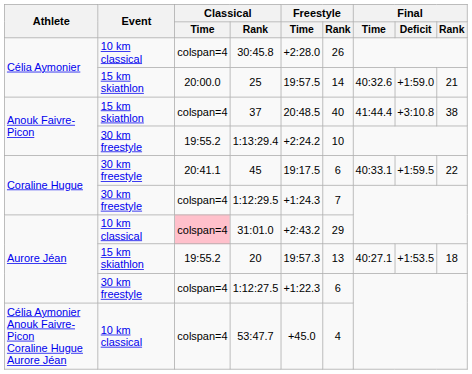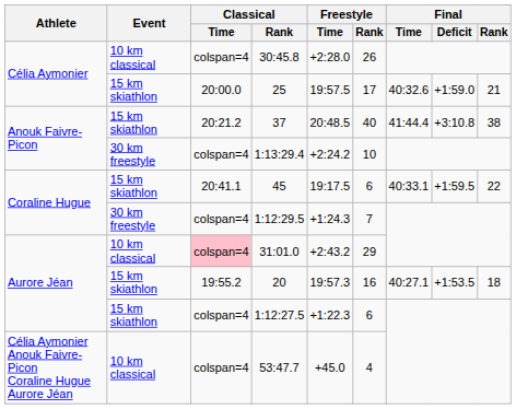 <table class="wikitable" style="font-size:90%">
 <tr>
 <th rowspan=2>Athlete</th>
 <th rowspan=2>Event</th>
 <th colspan=2>Classical</th>
 <th colspan=2>Freestyle</th>
 <th colspan=3>Final</th>
 </tr>
 <tr style="font-size: 95%">
 <th>Time</th>
 <th>Rank</th>
 <th>Time</th>
 <th>Rank</th>
 <th>Time</th>
 <th>Deficit</th>
 <th>Rank</th>
 </tr>
 <tr align=center>
 <td align=left rowspan=2><a href='#'>Célia Aymonier</a></td>
 <td align=left><a href='#'>10 km classical</a></td>
 <td>colspan=4 </td>
 <td>30:45.8</td>
 <td>+2:28.0</td>
 <td>26</td>
 </tr>
 <tr align=center>
 <td align=left><a href='#'>15 km skiathlon</a></td>
 <td>20:00.0</td>
 <td>25</td>
 <td>19:57.5</td>
-<td>14</td>
+<td>17</td>
 <td>40:32.6</td>
 <td>+1:59.0</td>
 <td>21</td>
 </tr>
 <tr align=center>
 <td align=left rowspan=2><a href='#'>Anouk Faivre-Picon</a></td>
 <td align=left><a href='#'>15 km skiathlon</a></td>
-<td>colspan=4 </td>
+<td>20:21.2</td>
 <td>37</td>
 <td>20:48.5</td>
 <td>40</td>
 <td>41:44.4</td>
 <td>+3:10.8</td>
 <td>38</td>
 </tr>
 <tr align=center>
 <td align=left><a href='#'>30 km freestyle</a></td>
-<td>19:55.2</td>
+<td>colspan=4 </td>
 <td>1:13:29.4</td>
 <td>+2:24.2</td>
 <td>10</td>
 </tr>
 <tr align=center>
 <td align=left rowspan=2><a href='#'>Coraline Hugue</a></td>
-<td align=left><a href='#'>30 km freestyle</a></td>
+<td align=left><a href='#'>15 km skiathlon</a></td>
 <td>20:41.1</td>
 <td>45</td>
 <td>19:17.5</td>
 <td>6</td>
 <td>40:33.1</td>
 <td>+1:59.5</td>
 <td>22</td>
 </tr>
 <tr align=center>
 <td align=left><a href='#'>30 km freestyle</a></td>
 <td>colspan=4 </td>
 <td>1:12:29.5</td>
 <td>+1:24.3</td>
 <td>7</td>
 </tr>
 <tr align=center>
 <td align=left rowspan=3><a href='#'>Aurore Jéan</a></td>
 <td align=left><a href='#'>10 km classical</a></td>
 <td style="background: pink;">colspan=4 </td>
 <td>31:01.0</td>
 <td>+2:43.2</td>
 <td>29</td>
 </tr>
 <tr align=center>
 <td align=left><a href='#'>15 km skiathlon</a></td>
 <td>19:55.2</td>
 <td>20</td>
 <td>19:57.3</td>
-<td>13</td>
+<td>16</td>
 <td>40:27.1</td>
 <td>+1:53.5</td>
 <td>18</td>
 </tr>
 <tr align=center>
-<td align=left><a href='#'>30 km freestyle</a></td>
+<td align=left><a href='#'>15 km skiathlon</a></td>
 <td>colspan=4 </td>
 <td>1:12:27.5</td>
 <td>+1:22.3</td>
 <td>6</td>
 </tr>
 <tr align=center>
 <td align=left><a href='#'>Célia Aymonier</a><br><a href='#'>Anouk Faivre-Picon</a><br><a href='#'>Coraline Hugue</a><br><a href='#'>Aurore Jéan</a></td>
 <td align=left><a href='#'>10 km classical</a></td>
 <td>colspan=4 </td>
 <td>53:47.7</td>
 <td>+45.0</td>
 <td>4</td>
 </tr>
 </table>
